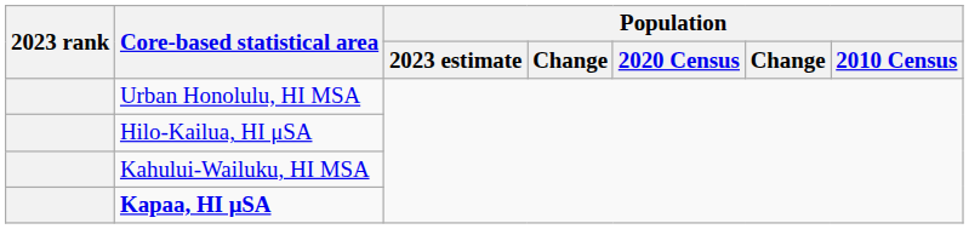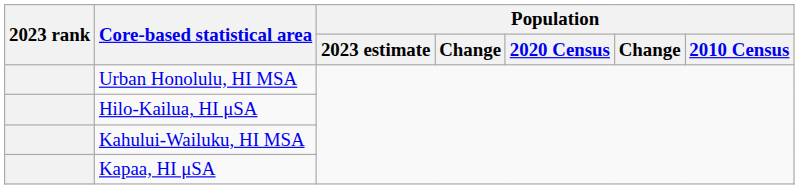 <table class="wikitable sortable">
 <tr>
 <th scope=col rowspan=2>2023 rank</th>
 <th scope=col rowspan=2><a href='#'>Core-based statistical area</a></th>
 <th colspan=5>Population</th>
 </tr>
 <tr>
 <th scope=col>2023 estimate</th>
 <th scope=col>Change</th>
 <th scope=col><a href='#'>2020 Census</a></th>
 <th scope=col>Change</th>
 <th scope=col><a href='#'>2010 Census</a></th>
 </tr>
 <tr>
 <th scope=row></th>
 <td><a href='#'>Urban Honolulu, HI MSA</a><br></td>
 </tr>
 <tr>
 <th scope=row></th>
 <td><a href='#'>Hilo-Kailua, HI μSA</a><br></td>
 </tr>
 <tr>
 <th scope=row></th>
 <td><a href='#'>Kahului-Wailuku, HI MSA</a><br></td>
 </tr>
 <tr>
 <th scope=row></th>
-<td><strong><a href='#'>Kapaa, HI μSA</a><br></strong></td>
+<td><a href='#'>Kapaa, HI μSA</a><br></td>
 </tr>
 </table>
